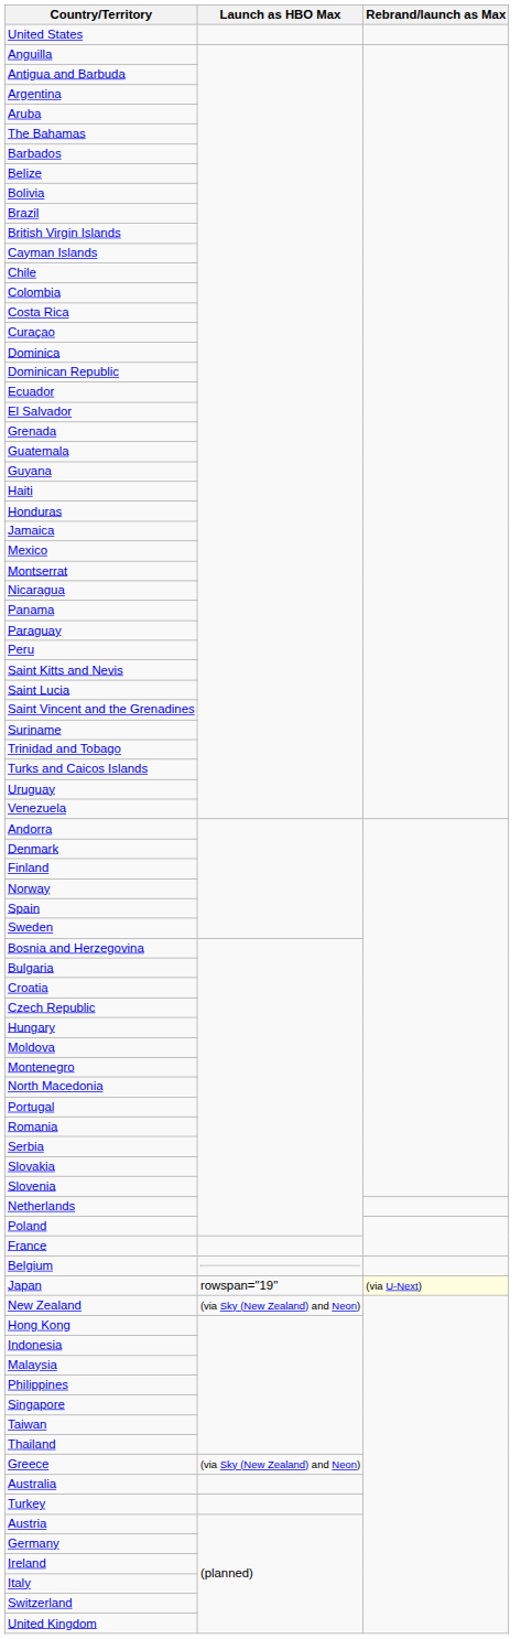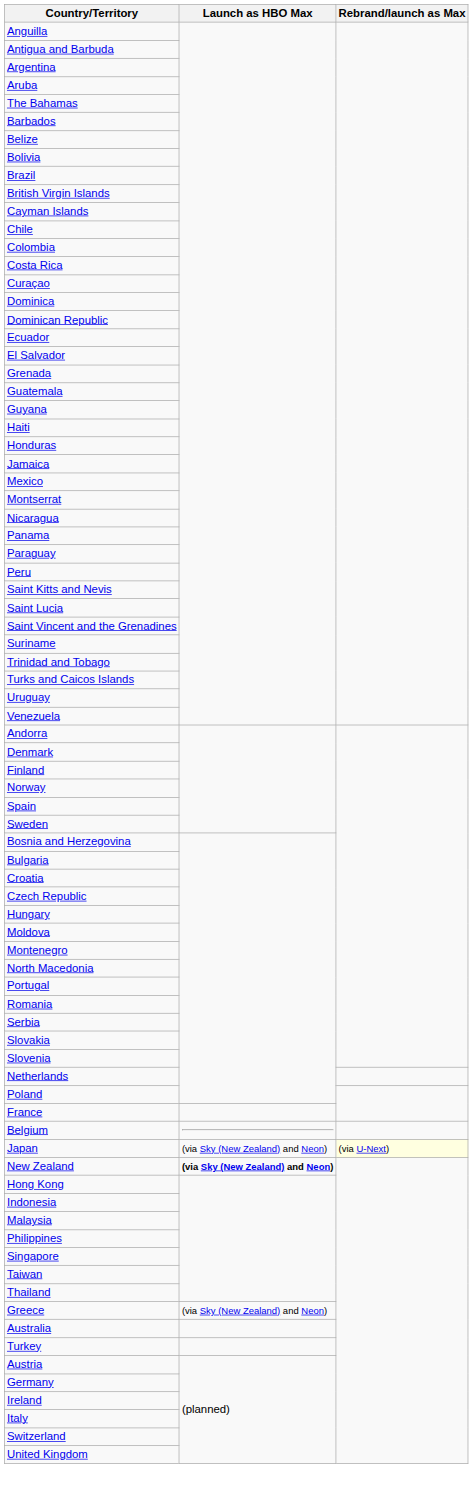 <table class="wikitable sortable plainrowheaders" id="launch rollout">
 <tr>
 <th scope="col">Country/Territory</th>
 <th scope="col">Launch as HBO Max</th>
 <th scope="col">Rebrand/launch as Max</th>
-</tr>
-<tr>
-<td scope="row"><a href='#'>United States</a></td>
-<td></td>
-<td></td>
 </tr>
 <tr>
 <td scope="row"><a href='#'>Anguilla</a></td>
 <td rowspan="39"></td>
 <td rowspan="39"></td>
 </tr>
 <tr>
 <td scope="row"><a href='#'>Antigua and Barbuda</a></td>
 </tr>
 <tr>
 <td scope="row"><a href='#'>Argentina</a></td>
 </tr>
 <tr>
 <td scope="row"><a href='#'>Aruba</a></td>
 </tr>
 <tr>
 <td scope="row"><a href='#'>The Bahamas</a></td>
 </tr>
 <tr>
 <td scope="row"><a href='#'>Barbados</a></td>
 </tr>
 <tr>
 <td scope="row"><a href='#'>Belize</a></td>
 </tr>
 <tr>
 <td scope="row"><a href='#'>Bolivia</a></td>
 </tr>
 <tr>
 <td scope="row"><a href='#'>Brazil</a></td>
 </tr>
 <tr>
 <td scope="row"><a href='#'>British Virgin Islands</a></td>
 </tr>
 <tr>
 <td scope="row"><a href='#'>Cayman Islands</a></td>
 </tr>
 <tr>
 <td scope="row"><a href='#'>Chile</a></td>
 </tr>
 <tr>
 <td scope="row"><a href='#'>Colombia</a></td>
 </tr>
 <tr>
 <td scope="row"><a href='#'>Costa Rica</a></td>
 </tr>
 <tr>
 <td scope="row"><a href='#'>Curaçao</a></td>
 </tr>
 <tr>
 <td scope="row"><a href='#'>Dominica</a></td>
 </tr>
 <tr>
 <td scope="row"><a href='#'>Dominican Republic</a></td>
 </tr>
 <tr>
 <td scope="row"><a href='#'>Ecuador</a></td>
 </tr>
 <tr>
 <td scope="row"><a href='#'>El Salvador</a></td>
 </tr>
 <tr>
 <td scope="row"><a href='#'>Grenada</a></td>
 </tr>
 <tr>
 <td scope="row"><a href='#'>Guatemala</a></td>
 </tr>
 <tr>
 <td scope="row"><a href='#'>Guyana</a></td>
 </tr>
 <tr>
 <td scope="row"><a href='#'>Haiti</a></td>
 </tr>
 <tr>
 <td scope="row"><a href='#'>Honduras</a></td>
 </tr>
 <tr>
 <td scope="row"><a href='#'>Jamaica</a></td>
 </tr>
 <tr>
 <td scope="row"><a href='#'>Mexico</a></td>
 </tr>
 <tr>
 <td scope="row"><a href='#'>Montserrat</a></td>
 </tr>
 <tr>
 <td scope="row"><a href='#'>Nicaragua</a></td>
 </tr>
 <tr>
 <td scope="row"><a href='#'>Panama</a></td>
 </tr>
 <tr>
 <td scope="row"><a href='#'>Paraguay</a></td>
 </tr>
 <tr>
 <td scope="row"><a href='#'>Peru</a></td>
 </tr>
 <tr>
 <td scope="row"><a href='#'>Saint Kitts and Nevis</a></td>
 </tr>
 <tr>
 <td scope="row"><a href='#'>Saint Lucia</a></td>
 </tr>
 <tr>
 <td scope="row"><a href='#'>Saint Vincent and the Grenadines</a></td>
 </tr>
 <tr>
 <td scope="row"><a href='#'>Suriname</a></td>
 </tr>
 <tr>
 <td scope="row"><a href='#'>Trinidad and Tobago</a></td>
 </tr>
 <tr>
 <td scope="row"><a href='#'>Turks and Caicos Islands</a></td>
 </tr>
 <tr>
 <td scope="row"><a href='#'>Uruguay</a></td>
 </tr>
 <tr>
 <td scope="row"><a href='#'>Venezuela</a></td>
 </tr>
 <tr>
 <td scope="row"><a href='#'>Andorra</a></td>
 <td rowspan="6"></td>
 <td rowspan="19"></td>
 </tr>
 <tr>
 <td scope="row"><a href='#'>Denmark</a></td>
 </tr>
 <tr>
 <td scope="row"><a href='#'>Finland</a></td>
 </tr>
 <tr>
 <td scope="row"><a href='#'>Norway</a></td>
 </tr>
 <tr>
 <td scope="row"><a href='#'>Spain</a></td>
 </tr>
 <tr>
 <td scope="row"><a href='#'>Sweden</a></td>
 </tr>
 <tr>
 <td scope="row"><a href='#'>Bosnia and Herzegovina</a></td>
 <td rowspan="15"></td>
 </tr>
 <tr>
 <td scope="row"><a href='#'>Bulgaria</a></td>
 </tr>
 <tr>
 <td scope="row"><a href='#'>Croatia</a></td>
 </tr>
 <tr>
 <td scope="row"><a href='#'>Czech Republic</a></td>
 </tr>
 <tr>
 <td scope="row"><a href='#'>Hungary</a></td>
 </tr>
 <tr>
 <td scope="row"><a href='#'>Moldova</a></td>
 </tr>
 <tr>
 <td scope="row"><a href='#'>Montenegro</a></td>
 </tr>
 <tr>
 <td scope="row"><a href='#'>North Macedonia</a></td>
 </tr>
 <tr>
 <td scope="row"><a href='#'>Portugal</a></td>
 </tr>
 <tr>
 <td scope="row"><a href='#'>Romania</a></td>
 </tr>
 <tr>
 <td scope="row"><a href='#'>Serbia</a></td>
 </tr>
 <tr>
 <td scope="row"><a href='#'>Slovakia</a></td>
 </tr>
 <tr>
 <td scope="row"><a href='#'>Slovenia</a></td>
 </tr>
 <tr>
 <td scope="row"><a href='#'>Netherlands</a></td>
 <td></td>
 </tr>
 <tr>
 <td scope="row"><a href='#'>Poland</a></td>
 <td rowspan="2"></td>
 </tr>
 <tr>
 <td scope="row"><a href='#'>France</a></td>
 <td></td>
 </tr>
 <tr>
 <td scope="row"><a href='#'>Belgium</a></td>
 <td> <hr> </td>
 <td></td>
 </tr>
 <tr>
 <td scope="row"><a href='#'>Japan</a></td>
-<td>rowspan="19" </td>
+<td> <small>(via <a href='#'>Sky (New Zealand)</a> and <a href='#'>Neon</a>)</small></td>
 <td style="background: lightyellow;"> <small>(via <a href='#'>U-Next</a>)</small></td>
 </tr>
 <tr>
 <td scope="row"><a href='#'>New Zealand</a></td>
-<td> <small>(via <a href='#'>Sky (New Zealand)</a> and <a href='#'>Neon</a>)</small></td>
+<td><strong> <small>(via <a href='#'>Sky (New Zealand)</a> and <a href='#'>Neon</a>)</small></strong></td>
 </tr>
 <tr>
 <td scope="row"><a href='#'>Hong Kong</a></td>
 <td rowspan="7"></td>
 </tr>
 <tr>
 <td scope="row"><a href='#'>Indonesia</a></td>
 </tr>
 <tr>
 <td scope="row"><a href='#'>Malaysia</a></td>
 </tr>
 <tr>
 <td scope="row"><a href='#'>Philippines</a></td>
 </tr>
 <tr>
 <td scope="row"><a href='#'>Singapore</a></td>
 </tr>
 <tr>
 <td scope="row"><a href='#'>Taiwan</a></td>
 </tr>
 <tr>
 <td scope="row"><a href='#'>Thailand</a></td>
 </tr>
 <tr>
 <td scope="row"><a href='#'>Greece</a></td>
 <td> <small>(via <a href='#'>Sky (New Zealand)</a> and <a href='#'>Neon</a>)</small></td>
 </tr>
 <tr>
 <td scope="row"><a href='#'>Australia</a></td>
 <td></td>
 </tr>
 <tr>
 <td scope="row"><a href='#'>Turkey</a></td>
 <td></td>
 </tr>
 <tr>
 <td scope="row"><a href='#'>Austria</a></td>
 <td rowspan="6"> (planned)</td>
 </tr>
 <tr>
 <td scope="row"><a href='#'>Germany</a></td>
 </tr>
 <tr>
 <td scope="row"><a href='#'>Ireland</a></td>
 </tr>
 <tr>
 <td scope="row"><a href='#'>Italy</a></td>
 </tr>
 <tr>
 <td scope="row"><a href='#'>Switzerland</a></td>
 </tr>
 <tr>
 <td scope="row"><a href='#'>United Kingdom</a></td>
 </tr>
 </table>
